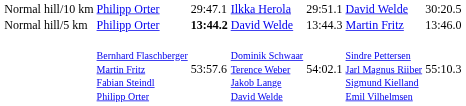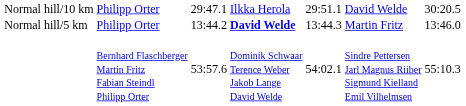 <table>
 <tr>
 <td>Normal hill/10 km</td>
 <td><a href='#'>Philipp Orter</a><br></td>
 <td>29:47.1</td>
 <td><a href='#'>Ilkka Herola</a><br></td>
 <td>29:51.1</td>
 <td><a href='#'>David Welde</a><br></td>
 <td>30:20.5</td>
 </tr>
 <tr>
 <td>Normal hill/5 km</td>
 <td><a href='#'>Philipp Orter</a><br></td>
-<td><strong>13:44.2</strong></td>
-<td><a href='#'>David Welde</a><br></td>
+<td>13:44.2</td>
+<td><strong><a href='#'>David Welde</a><br></strong></td>
 <td>13:44.3</td>
 <td><a href='#'>Martin Fritz</a><br></td>
 <td>13:46.0</td>
 </tr>
 <tr>
 <td></td>
 <td><br><small><a href='#'>Bernhard Flaschberger</a><br><a href='#'>Martin Fritz</a><br><a href='#'>Fabian Steindl</a><br><a href='#'>Philipp Orter</a></small></td>
 <td>53:57.6</td>
 <td><br><small><a href='#'>Dominik Schwaar</a><br><a href='#'>Terence Weber</a><br><a href='#'>Jakob Lange</a><br><a href='#'>David Welde</a></small></td>
 <td>54:02.1</td>
 <td><br><small><a href='#'>Sindre Pettersen</a><br><a href='#'>Jarl Magnus Riiber</a><br><a href='#'>Sigmund Kielland</a><br><a href='#'>Emil Vilhelmsen</a></small></td>
 <td>55:10.3</td>
 </tr>
 <tr>
 </tr>
 </table>
